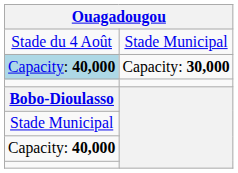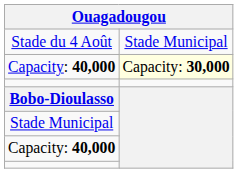 <table class="wikitable" style="text-align:center">
 <tr>
 <th colspan=2><a href='#'>Ouagadougou</a></th>
 </tr>
 <tr>
 <td><a href='#'>Stade du 4 Août</a></td>
 <td><a href='#'>Stade Municipal</a></td>
 </tr>
 <tr>
-<td style="background: lightblue;"><a href='#'>Capacity</a>: <strong>40,000</strong></td>
-<td>Capacity: <strong>30,000</strong></td>
+<td><a href='#'>Capacity</a>: <strong>40,000</strong></td>
+<td style="background: lightyellow;">Capacity: <strong>30,000</strong></td>
 </tr>
 <tr>
 <td></td>
 <td></td>
 </tr>
 <tr>
 <th><a href='#'>Bobo-Dioulasso</a></th>
 <th rowspan=4 colspan=2></th>
 </tr>
 <tr>
 <td><a href='#'>Stade Municipal</a></td>
 </tr>
 <tr>
 <td>Capacity: <strong>40,000</strong></td>
 </tr>
 <tr>
 <td></td>
 </tr>
 </table>
